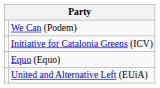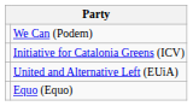 <table class="wikitable" style="text-align:left; font-size:95%;">
 <tr>
 <th colspan="2">Party</th>
 </tr>
 <tr>
 <td></td>
 <td><a href='#'>We Can</a> (Podem)</td>
 </tr>
 <tr>
 <td></td>
 <td><a href='#'>Initiative for Catalonia Greens</a> (ICV)</td>
 </tr>
 <tr>
 <td></td>
-<td><a href='#'>Equo</a> (Equo)</td>
+<td><a href='#'>United and Alternative Left</a> (EUiA)</td>
 </tr>
 <tr>
 <td></td>
-<td><a href='#'>United and Alternative Left</a> (EUiA)</td>
+<td><a href='#'>Equo</a> (Equo)</td>
 </tr>
 </table>
